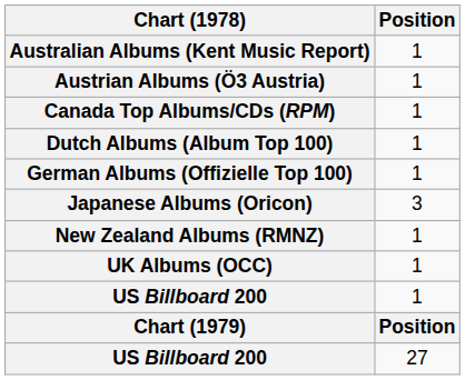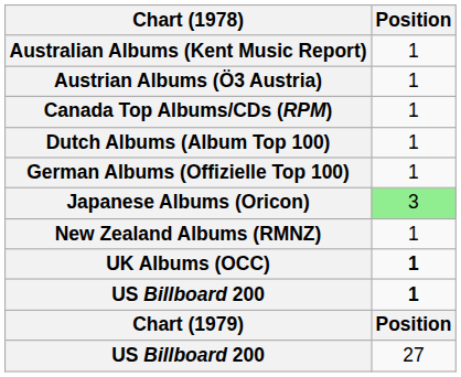 <table class="wikitable sortable plainrowheaders" style="text-align:center">
 <tr>
 <th scope="col">Chart (1978)</th>
 <th scope="col">Position</th>
 </tr>
 <tr>
 <th scope="row">Australian Albums (Kent Music Report)</th>
 <td>1</td>
 </tr>
 <tr>
 <th scope="row">Austrian Albums (Ö3 Austria)</th>
 <td>1</td>
 </tr>
 <tr>
 <th scope="row">Canada Top Albums/CDs (<em>RPM</em>)</th>
 <td>1</td>
 </tr>
 <tr>
 <th scope="row">Dutch Albums (Album Top 100)</th>
 <td>1</td>
 </tr>
 <tr>
 <th scope="row">German Albums (Offizielle Top 100)</th>
 <td>1</td>
 </tr>
 <tr>
 <th scope="row">Japanese Albums (Oricon)</th>
-<td>3</td>
+<td style="background: lightgreen;">3</td>
 </tr>
 <tr>
 <th scope="row">New Zealand Albums (RMNZ)</th>
 <td>1</td>
 </tr>
 <tr>
 <th scope="row">UK Albums (OCC)</th>
-<td>1</td>
+<td><strong>1</strong></td>
 </tr>
 <tr>
 <th scope="row">US <em>Billboard</em> 200</th>
-<td>1</td>
+<td><strong>1</strong></td>
 </tr>
 <tr>
 <th scope="col">Chart (1979)</th>
 <th scope="col">Position</th>
 </tr>
 <tr>
 <th scope="row">US <em>Billboard</em> 200</th>
 <td>27</td>
 </tr>
 </table>
